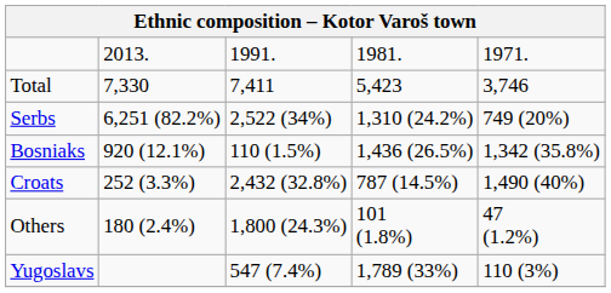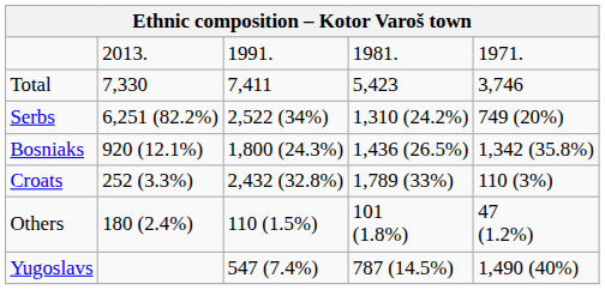 <table class="wikitable">
 <tr>
 <th colspan="8">Ethnic composition – Kotor Varoš town</th>
 </tr>
 <tr>
 <td></td>
 <td>2013.</td>
 <td>1991.</td>
 <td>1981.</td>
 <td>1971.</td>
 </tr>
 <tr>
 <td>Total</td>
 <td>7,330</td>
 <td>7,411</td>
 <td>5,423</td>
 <td>3,746</td>
 </tr>
 <tr>
 <td><a href='#'>Serbs</a></td>
 <td>6,251 (82.2%)</td>
 <td>2,522 (34%)</td>
 <td>1,310 (24.2%)</td>
 <td>749 (20%)</td>
 </tr>
 <tr>
 <td><a href='#'>Bosniaks</a></td>
 <td>920 (12.1%)</td>
-<td>110 (1.5%)</td>
+<td>1,800 (24.3%)</td>
 <td>1,436 (26.5%)</td>
 <td>1,342 (35.8%)</td>
 </tr>
 <tr>
 <td><a href='#'>Croats</a></td>
 <td>252 (3.3%)</td>
 <td>2,432 (32.8%)</td>
-<td>787 (14.5%)</td>
-<td>1,490 (40%)</td>
+<td>1,789 (33%)</td>
+<td>110 (3%)</td>
 </tr>
 <tr>
 <td>Others</td>
 <td>180 (2.4%)</td>
-<td>1,800 (24.3%)</td>
+<td>110 (1.5%)</td>
 <td>101<br>(1.8%)</td>
 <td>47<br>(1.2%)</td>
 </tr>
 <tr>
 <td><a href='#'>Yugoslavs</a></td>
 <td></td>
 <td>547 (7.4%)</td>
-<td>1,789 (33%)</td>
-<td>110 (3%)</td>
+<td>787 (14.5%)</td>
+<td>1,490 (40%)</td>
 </tr>
 <tr>
 </tr>
 </table>
